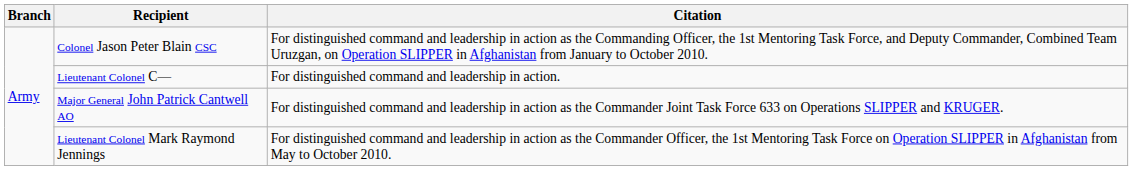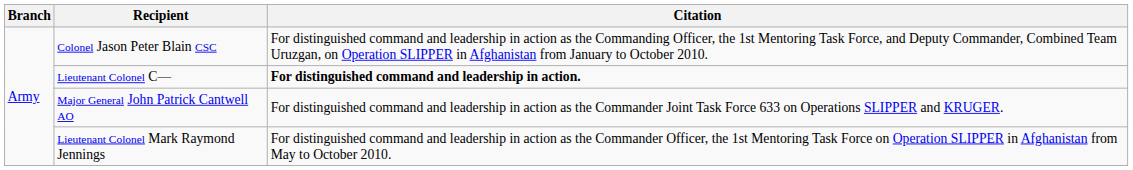 <table class="wikitable" style="font-size:95%;">
 <tr>
 <th>Branch</th>
 <th scope="col" width="230">Recipient</th>
 <th>Citation</th>
 </tr>
 <tr>
 <td rowspan="4"><a href='#'>Army</a></td>
 <td><small><a href='#'>Colonel</a></small> Jason Peter Blain <small><a href='#'>CSC</a></small></td>
 <td>For distinguished command and leadership in action as the Commanding Officer, the 1st Mentoring Task Force, and Deputy Commander, Combined Team Uruzgan, on <a href='#'>Operation SLIPPER</a> in <a href='#'>Afghanistan</a> from January to October 2010.</td>
 </tr>
 <tr>
 <td><small><a href='#'>Lieutenant Colonel</a></small> C—</td>
-<td>For distinguished command and leadership in action.</td>
+<td><strong>For distinguished command and leadership in action.</strong></td>
 </tr>
 <tr>
 <td><small><a href='#'>Major General</a></small> <a href='#'>John Patrick Cantwell</a> <small><a href='#'>AO</a></small></td>
 <td>For distinguished command and leadership in action as the Commander Joint Task Force 633 on Operations <a href='#'>SLIPPER</a> and <a href='#'>KRUGER</a>.</td>
 </tr>
 <tr>
 <td><small><a href='#'>Lieutenant Colonel</a></small> Mark Raymond Jennings</td>
 <td>For distinguished command and leadership in action as the Commander Officer, the 1st Mentoring Task Force on <a href='#'>Operation SLIPPER</a> in <a href='#'>Afghanistan</a> from May to October 2010.</td>
 </tr>
 </table>
